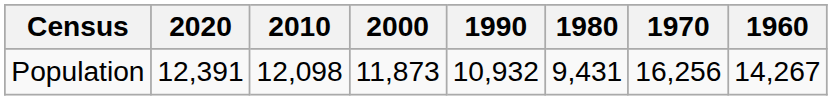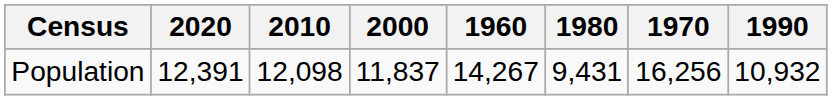 <table class="wikitable" align="center" | title="Population of Logan Circle Neighborhood">
 <tr>
 <th>Census</th>
 <th>2020</th>
 <th>2010</th>
 <th>2000</th>
-<th>1990</th>
+<th>1960</th>
 <th>1980</th>
 <th>1970</th>
-<th>1960</th>
+<th>1990</th>
 </tr>
 <tr>
 <td>Population</td>
 <td>12,391</td>
 <td>12,098</td>
-<td>11,873</td>
-<td>10,932</td>
+<td>11,837</td>
+<td>14,267 </td>
 <td>9,431</td>
 <td>16,256</td>
-<td>14,267 </td>
+<td>10,932</td>
 </tr>
 </table>
